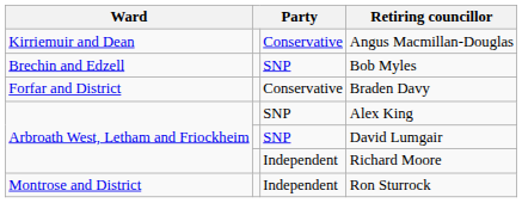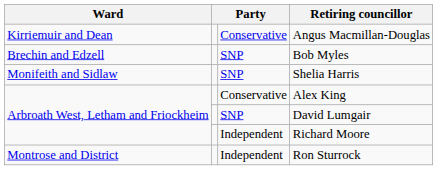 <table class="wikitable sortable">
 <tr>
 <th scope="col">Ward</th>
 <th scope="col" colspan="2">Party</th>
 <th scope="col">Retiring councillor</th>
 </tr>
 <tr>
 <td scope="row"><a href='#'>Kirriemuir and Dean</a></td>
 <td style="background-color: "></td>
 <td><a href='#'>Conservative</a></td>
 <td>Angus Macmillan-Douglas</td>
 </tr>
 <tr>
 <td scope="row"><a href='#'>Brechin and Edzell</a></td>
 <td style="background-color: "></td>
 <td><a href='#'>SNP</a></td>
 <td>Bob Myles</td>
 </tr>
 <tr>
-<td scope="row"><a href='#'>Forfar and District</a></td>
+<td scope="row"><a href='#'>Monifeith and Sidlaw</a></td>
 <td style="background-color: "></td>
-<td>Conservative</td>
-<td>Braden Davy</td>
+<td><a href='#'>SNP</a></td>
+<td>Shelia Harris</td>
 </tr>
 <tr>
 <td scope="row" rowspan="3"><a href='#'>Arbroath West, Letham and Friockheim</a></td>
 <td style="background-color: "></td>
-<td>SNP</td>
+<td>Conservative</td>
 <td>Alex King</td>
 </tr>
 <tr>
 <td style="background-color: "></td>
 <td><a href='#'>SNP</a></td>
 <td>David Lumgair</td>
 </tr>
 <tr>
 <td style="background-color: "></td>
 <td>Independent</td>
 <td>Richard Moore</td>
 </tr>
 <tr>
 <td scope="row"><a href='#'>Montrose and District</a></td>
 <td style="background-color: "></td>
 <td>Independent</td>
 <td>Ron Sturrock</td>
 </tr>
 </table>
